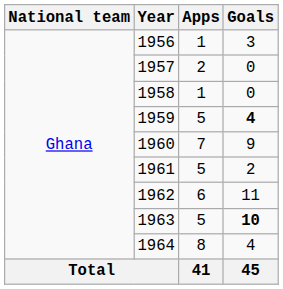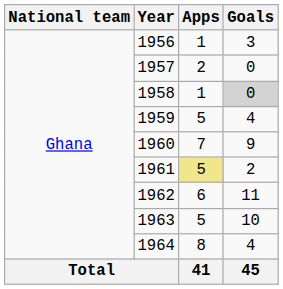 <table class="wikitable" style="text-align:center">
 <tr>
 <th>National team</th>
 <th>Year</th>
 <th>Apps</th>
 <th>Goals</th>
 </tr>
 <tr>
 <td rowspan="9"><a href='#'>Ghana</a></td>
 <td>1956</td>
 <td>1</td>
 <td>3</td>
 </tr>
 <tr>
 <td>1957</td>
 <td>2</td>
 <td>0</td>
 </tr>
 <tr>
 <td>1958</td>
 <td>1</td>
-<td>0</td>
+<td style="background: lightgrey;">0</td>
 </tr>
 <tr>
 <td>1959</td>
 <td>5</td>
-<td><strong>4</strong></td>
+<td>4</td>
 </tr>
 <tr>
 <td>1960</td>
 <td>7</td>
 <td>9</td>
 </tr>
 <tr>
 <td>1961</td>
-<td>5</td>
+<td style="background: khaki;">5</td>
 <td>2</td>
 </tr>
 <tr>
 <td>1962</td>
 <td>6</td>
 <td>11</td>
 </tr>
 <tr>
 <td>1963</td>
 <td>5</td>
-<td><strong>10</strong></td>
+<td>10</td>
 </tr>
 <tr>
 <td>1964</td>
 <td>8</td>
 <td>4</td>
 </tr>
 <tr>
 <th colspan="2">Total</th>
 <th>41</th>
 <th>45</th>
 </tr>
 </table>
